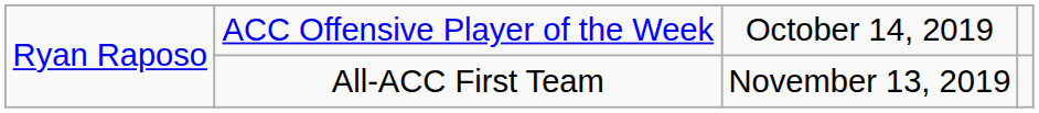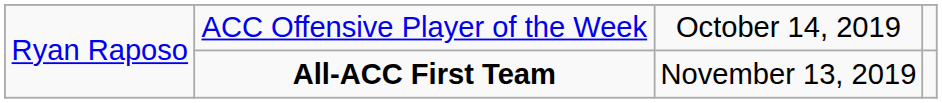 <table class="wikitable sortable" style="text-align: center">
 <tr>
 <td rowspan=2><a href='#'>Ryan Raposo</a></td>
 <td><a href='#'>ACC Offensive Player of the Week</a></td>
 <td>October 14, 2019</td>
 <td></td>
 </tr>
 <tr>
-<td>All-ACC First Team</td>
+<td><strong>All-ACC First Team</strong></td>
 <td>November 13, 2019</td>
 <td></td>
 </tr>
 </table>
